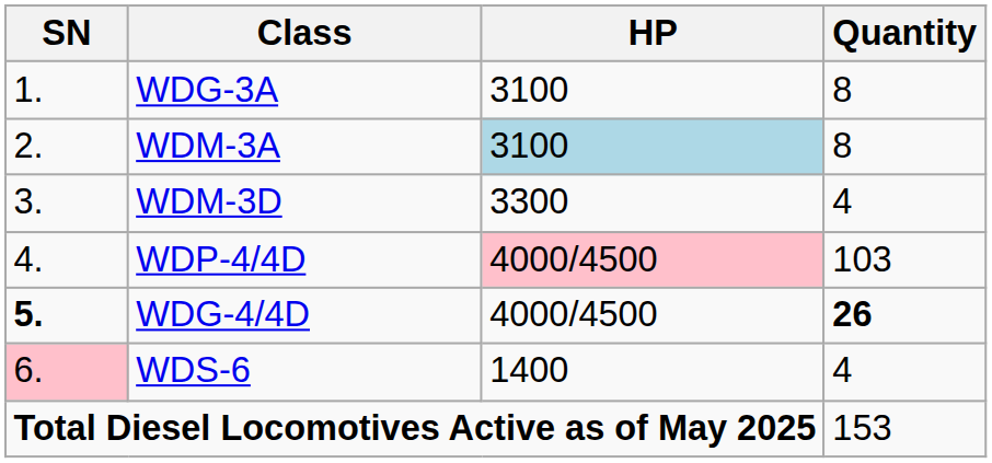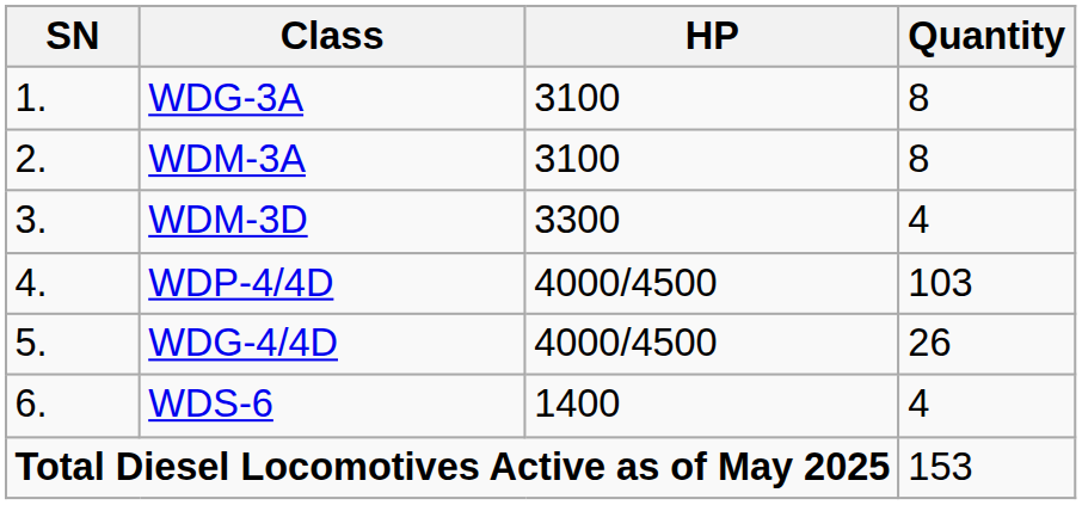 <table class="wikitable">
 <tr>
 <th>SN</th>
 <th>Class</th>
 <th>HP</th>
 <th>Quantity</th>
 </tr>
 <tr>
 <td>1.</td>
 <td><a href='#'>WDG-3A</a></td>
 <td>3100</td>
 <td>8</td>
 </tr>
 <tr>
 <td>2.</td>
 <td><a href='#'>WDM-3A</a></td>
-<td style="background: lightblue;">3100</td>
+<td>3100</td>
 <td>8</td>
 </tr>
 <tr>
 <td>3.</td>
 <td><a href='#'>WDM-3D</a></td>
 <td>3300</td>
 <td>4</td>
 </tr>
 <tr>
 <td>4.</td>
 <td><a href='#'>WDP-4/4D</a></td>
-<td style="background: pink;">4000/4500</td>
+<td>4000/4500</td>
 <td>103</td>
 </tr>
 <tr>
-<td><strong>5.</strong></td>
+<td>5.</td>
 <td><a href='#'>WDG-4/4D</a></td>
 <td>4000/4500</td>
-<td><strong>26</strong></td>
+<td>26</td>
 </tr>
 <tr>
-<td style="background: pink;">6.</td>
+<td>6.</td>
 <td><a href='#'>WDS-6</a></td>
 <td>1400</td>
 <td>4</td>
 </tr>
 <tr>
 <td colspan="3"><strong>Total Diesel Locomotives Active as of May 2025</strong></td>
 <td>153</td>
 </tr>
 </table>
